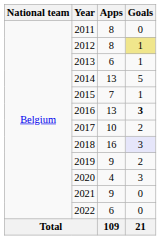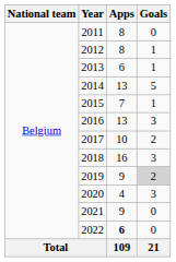 <table class="wikitable" style="text-align:center">
 <tr>
 <th>National team</th>
 <th>Year</th>
 <th>Apps</th>
 <th>Goals</th>
 </tr>
 <tr>
 <td rowspan="12"><a href='#'>Belgium</a></td>
 <td>2011</td>
 <td>8</td>
 <td>0</td>
 </tr>
 <tr>
 <td>2012</td>
 <td>8</td>
-<td style="background: khaki;">1</td>
+<td>1</td>
 </tr>
 <tr>
 <td>2013</td>
 <td>6</td>
 <td>1</td>
 </tr>
 <tr>
 <td>2014</td>
 <td>13</td>
 <td>5</td>
 </tr>
 <tr>
 <td>2015</td>
 <td>7</td>
 <td>1</td>
 </tr>
 <tr>
 <td>2016</td>
 <td>13</td>
-<td><strong>3</strong></td>
+<td>3</td>
 </tr>
 <tr>
 <td>2017</td>
 <td>10</td>
 <td>2</td>
 </tr>
 <tr>
 <td>2018</td>
 <td>16</td>
-<td style="background: lavender;">3</td>
+<td>3</td>
 </tr>
 <tr>
 <td>2019</td>
 <td>9</td>
-<td>2</td>
+<td style="background: lightgrey;">2</td>
 </tr>
 <tr>
 <td>2020</td>
 <td>4</td>
 <td>3</td>
 </tr>
 <tr>
 <td>2021</td>
 <td>9</td>
 <td>0</td>
 </tr>
 <tr>
 <td>2022</td>
-<td>6</td>
+<td><strong>6</strong></td>
 <td>0</td>
 </tr>
 <tr>
 <th colspan="2">Total</th>
 <th>109</th>
 <th>21</th>
 </tr>
 </table>
